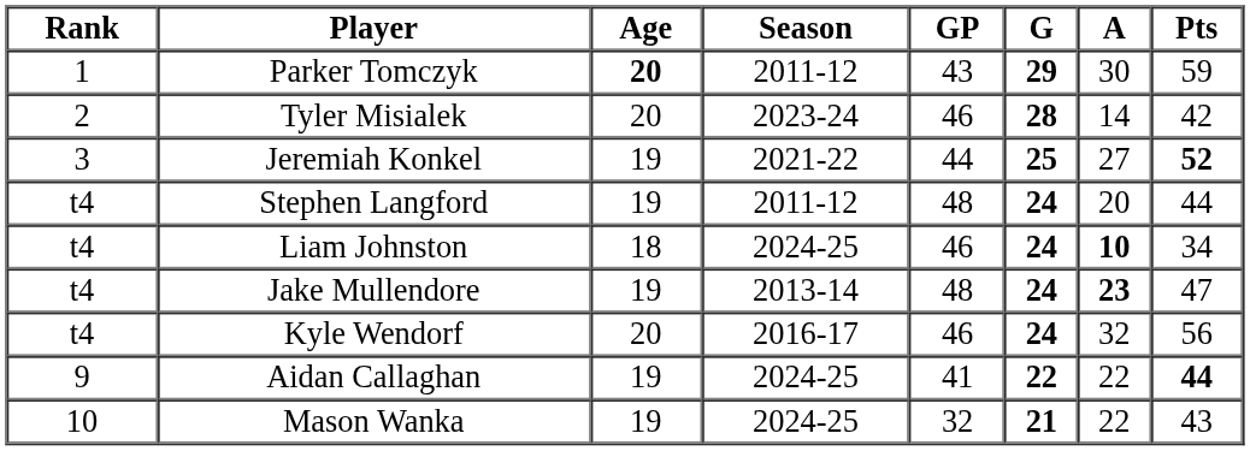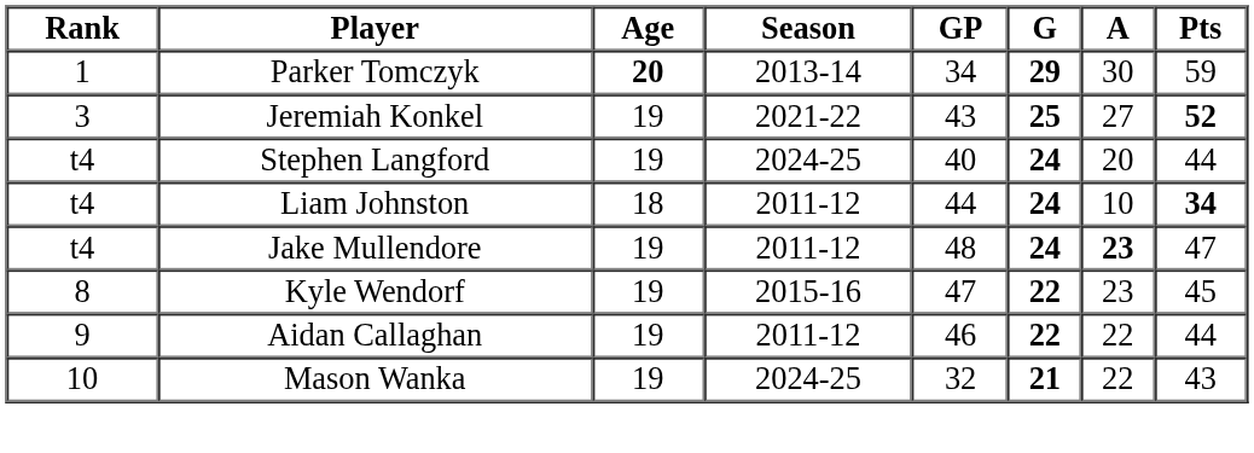 <table cellpadding="1" border="1" cellspacing="0" width="100%">
 <tr>
 <th>Rank</th>
 <th>Player</th>
 <th>Age</th>
 <th>Season</th>
 <th>GP</th>
 <th>G</th>
 <th>A</th>
 <th>Pts</th>
 </tr>
 <tr>
 </tr>
 <tr align="center">
 <td>1</td>
 <td>Parker Tomczyk</td>
 <td><strong>20</strong></td>
-<td>2011-12</td>
-<td>43</td>
+<td>2013-14</td>
+<td>34</td>
 <td><strong>29</strong></td>
 <td>30</td>
 <td>59</td>
-</tr>
-<tr align="center">
-<td>2</td>
-<td>Tyler Misialek</td>
-<td>20</td>
-<td>2023-24</td>
-<td>46</td>
-<td><strong>28</strong></td>
-<td>14</td>
-<td>42</td>
 </tr>
 <tr>
 </tr>
 <tr align="center">
 <td>3</td>
 <td>Jeremiah Konkel</td>
 <td>19</td>
 <td>2021-22</td>
-<td>44</td>
+<td>43</td>
 <td><strong>25</strong></td>
 <td>27</td>
 <td><strong>52</strong></td>
 </tr>
 <tr align="center">
 <td>t4</td>
 <td>Stephen Langford</td>
 <td>19</td>
-<td>2011-12</td>
-<td>48</td>
+<td>2024-25</td>
+<td>40</td>
 <td><strong>24</strong></td>
 <td>20</td>
 <td>44</td>
 </tr>
 <tr align="center">
 <td>t4</td>
 <td>Liam Johnston</td>
 <td>18</td>
-<td>2024-25</td>
-<td>46</td>
+<td>2011-12</td>
+<td>44</td>
 <td><strong>24</strong></td>
-<td><strong>10</strong></td>
-<td>34</td>
+<td>10</td>
+<td><strong>34</strong></td>
 </tr>
 <tr align="center">
 <td>t4</td>
 <td>Jake Mullendore</td>
 <td>19</td>
-<td>2013-14</td>
+<td>2011-12</td>
 <td>48</td>
 <td><strong>24</strong></td>
 <td><strong>23</strong></td>
 <td>47</td>
 </tr>
 <tr align="center">
-<td>t4</td>
+<td>8</td>
 <td>Kyle Wendorf</td>
-<td>20</td>
-<td>2016-17</td>
-<td>46</td>
-<td><strong>24</strong></td>
-<td>32</td>
-<td>56</td>
+<td>19</td>
+<td>2015-16</td>
+<td>47</td>
+<td><strong>22</strong></td>
+<td>23</td>
+<td>45</td>
 </tr>
 <tr align="center">
 <td>9</td>
 <td>Aidan Callaghan</td>
 <td>19</td>
-<td>2024-25</td>
-<td>41</td>
+<td>2011-12</td>
+<td>46</td>
 <td><strong>22</strong></td>
 <td>22</td>
-<td><strong>44</strong></td>
+<td>44</td>
 </tr>
 <tr align="center">
 <td>10</td>
 <td>Mason Wanka</td>
 <td>19</td>
 <td>2024-25</td>
 <td>32</td>
 <td><strong>21</strong></td>
 <td>22</td>
 <td>43</td>
 </tr>
 </table>
